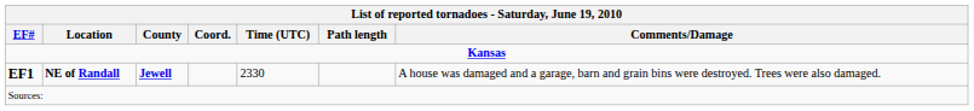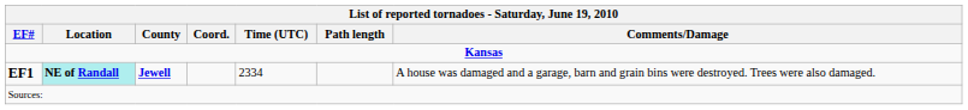 <table class="wikitable collapsible" width="100%">
 <tr>
 <th colspan="7">List of reported tornadoes - Saturday, June 19, 2010</th>
 </tr>
 <tr>
 <th><a href='#'>EF#</a></th>
 <th>Location</th>
 <th>County</th>
 <th>Coord.</th>
 <th>Time (UTC)</th>
 <th>Path length</th>
 <th>Comments/Damage</th>
 </tr>
 <tr>
 <td colspan="7" align=center><strong><a href='#'>Kansas</a></strong></td>
 </tr>
 <tr>
 <td><big><strong>EF1</strong></big></td>
-<td><strong>NE of <a href='#'>Randall</a></strong></td>
+<td style="background: paleturquoise;"><strong>NE of <a href='#'>Randall</a></strong></td>
 <td><strong><a href='#'>Jewell</a></strong></td>
 <td></td>
-<td>2330</td>
+<td>2334</td>
 <td></td>
 <td>A house was damaged and a garage, barn and grain bins were destroyed. Trees were also damaged.</td>
 </tr>
 <tr>
 <td colspan="7"><small>Sources: </small></td>
 </tr>
 </table>
